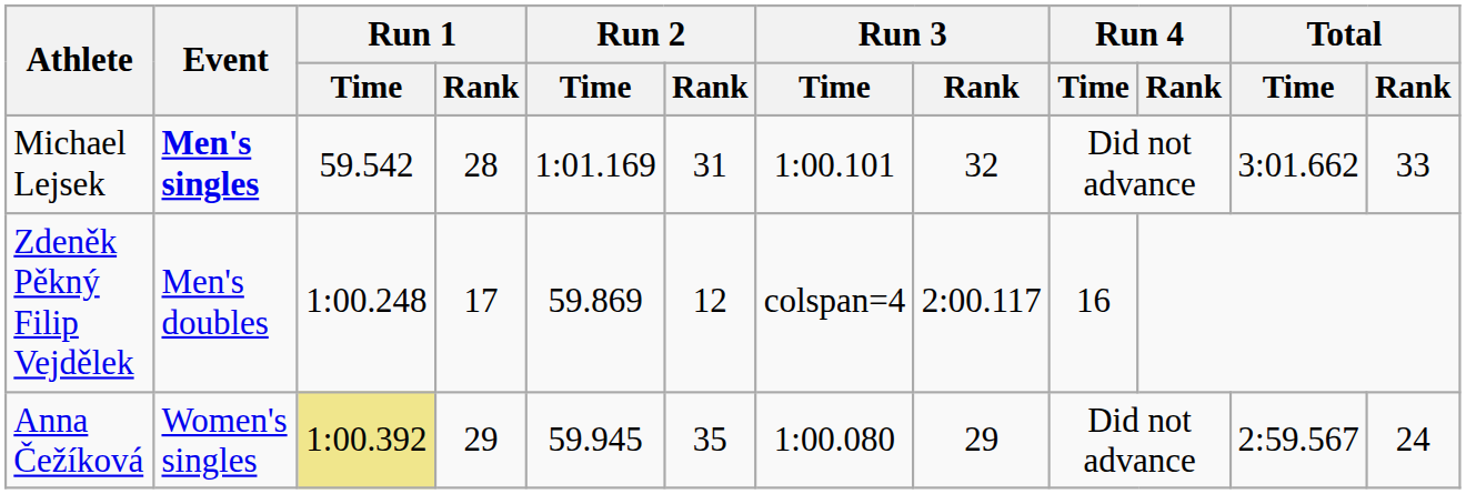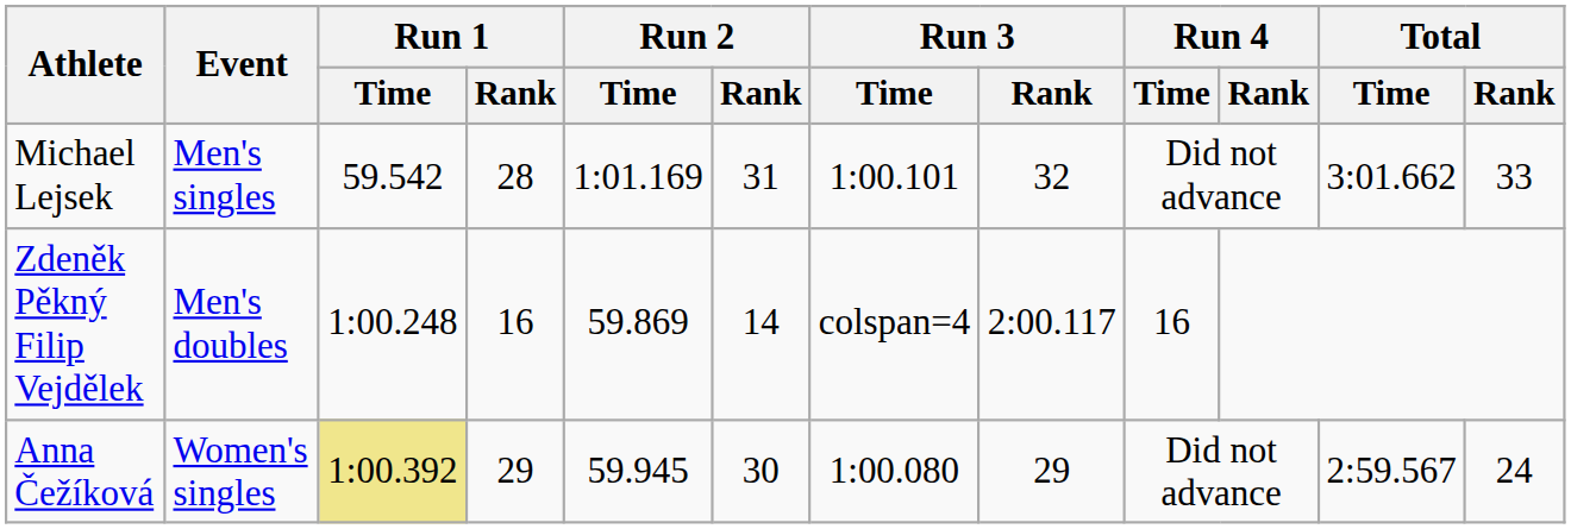 <table class="wikitable" style="font-size:90%">
 <tr>
 <th rowspan="2">Athlete</th>
 <th rowspan="2">Event</th>
 <th colspan=2>Run 1</th>
 <th colspan=2>Run 2</th>
 <th colspan=2>Run 3</th>
 <th colspan=2>Run 4</th>
 <th colspan=2>Total</th>
 </tr>
 <tr style="font-size:95%">
 <th>Time</th>
 <th>Rank</th>
 <th>Time</th>
 <th>Rank</th>
 <th>Time</th>
 <th>Rank</th>
 <th>Time</th>
 <th>Rank</th>
 <th>Time</th>
 <th>Rank</th>
 </tr>
 <tr align=center>
 <td align=left>Michael Lejsek</td>
-<td align=left><strong><a href='#'>Men's singles</a></strong></td>
+<td align=left><a href='#'>Men's singles</a></td>
 <td>59.542</td>
 <td>28</td>
 <td>1:01.169</td>
 <td>31</td>
 <td>1:00.101</td>
 <td>32</td>
 <td colspan="2">Did not advance</td>
 <td>3:01.662</td>
 <td>33</td>
 </tr>
 <tr align=center>
 <td align=left><a href='#'>Zdeněk Pěkný</a><br><a href='#'>Filip Vejdělek</a></td>
 <td align=left><a href='#'>Men's doubles</a></td>
 <td>1:00.248</td>
-<td>17</td>
+<td>16</td>
 <td>59.869</td>
-<td>12</td>
+<td>14</td>
 <td>colspan=4 </td>
 <td>2:00.117</td>
 <td>16</td>
 </tr>
 <tr align=center>
 <td align=left><a href='#'>Anna Čežíková</a></td>
 <td align=left><a href='#'>Women's singles</a></td>
 <td style="background: khaki;">1:00.392</td>
 <td>29</td>
 <td>59.945</td>
-<td>35</td>
+<td>30</td>
 <td>1:00.080</td>
 <td>29</td>
 <td colspan=2>Did not advance</td>
 <td>2:59.567</td>
 <td>24</td>
 </tr>
 </table>
